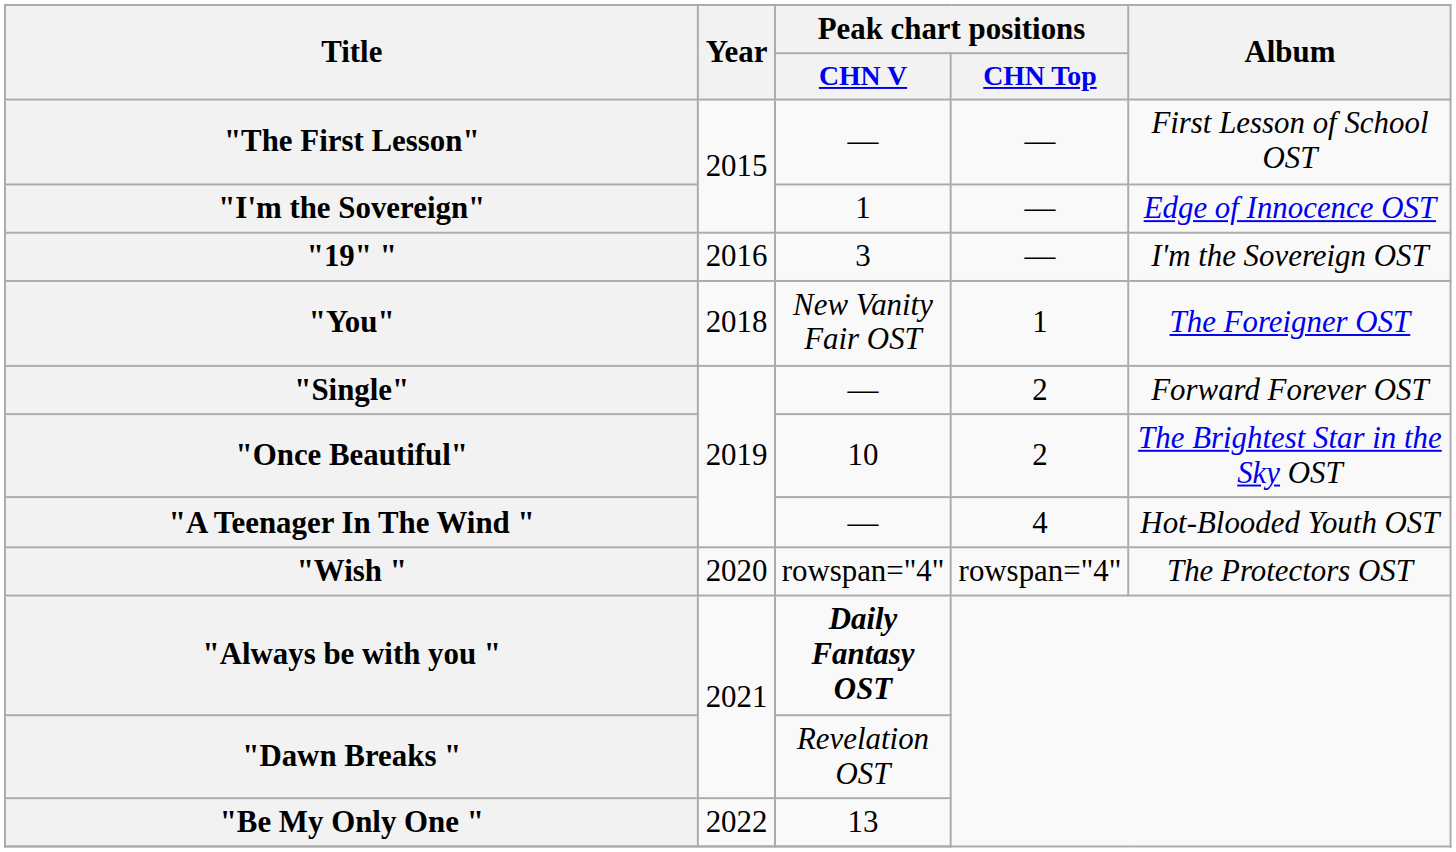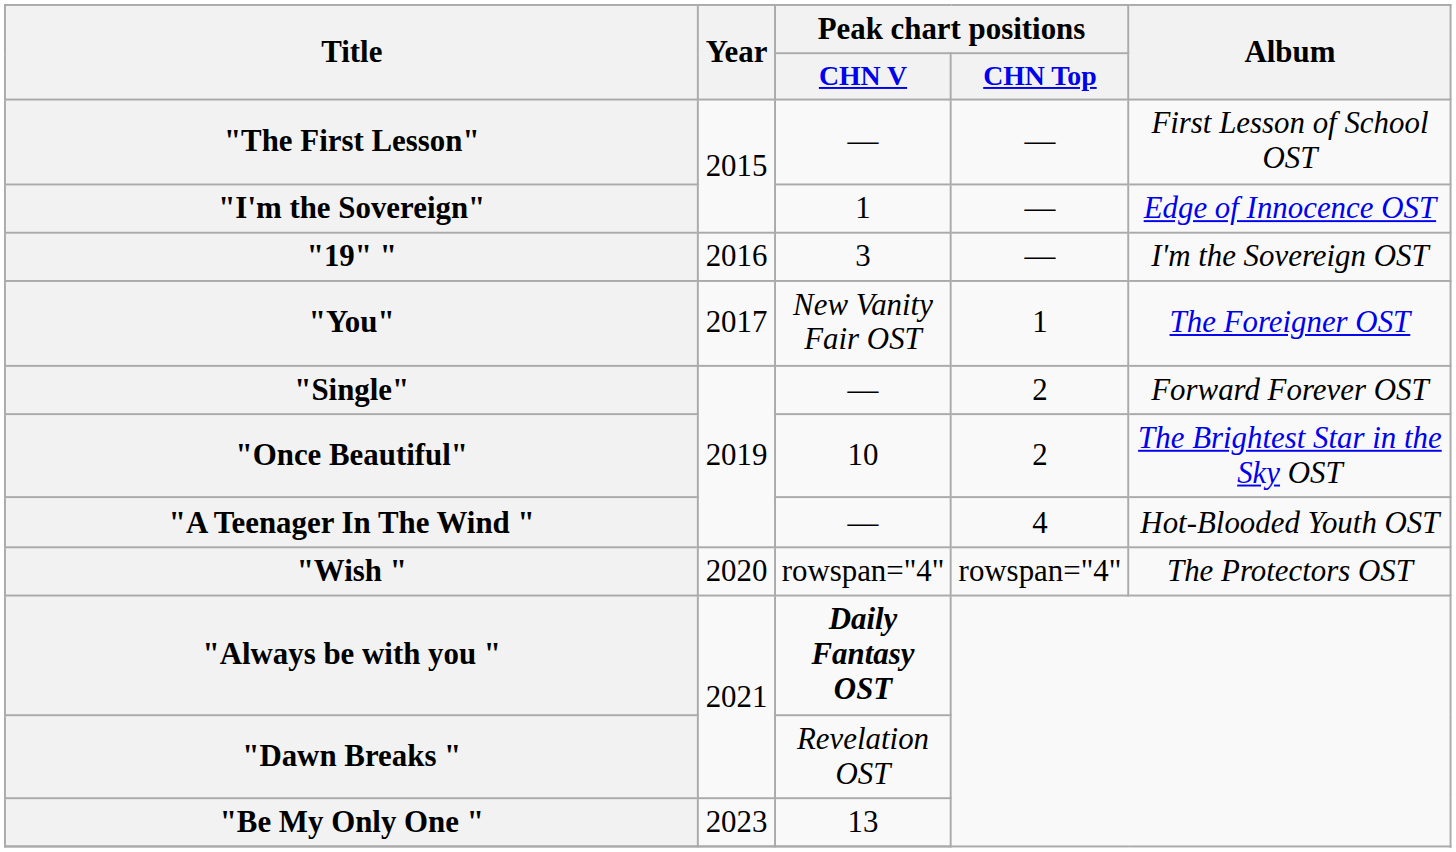 <table class="wikitable plainrowheaders" style="text-align:center;">
 <tr>
 <th rowspan="2" scope="col" style="width:22em;">Title</th>
 <th rowspan="2" scope="col" style="width:1em;">Year</th>
 <th colspan="2">Peak chart positions</th>
 <th rowspan="2" scope="col" style="width:10em;">Album</th>
 </tr>
 <tr>
 <th style="width:3em; font-size:90%"><a href='#'>CHN V</a><br></th>
 <th style="width:3em; font-size:90%"><a href='#'>CHN Top</a><br></th>
 </tr>
 <tr>
 <th scope="row">"The First Lesson" </th>
 <td rowspan="2">2015</td>
 <td>—</td>
 <td>—</td>
 <td><em>First Lesson of School OST</em></td>
 </tr>
 <tr>
 <th scope="row">"I'm the Sovereign" </th>
 <td>1</td>
 <td>—</td>
 <td><em><a href='#'>Edge of Innocence OST</a></em></td>
 </tr>
 <tr>
 <th scope="row">"19" "</th>
 <td>2016</td>
 <td>3</td>
 <td>—</td>
 <td><em>I'm the Sovereign OST</em></td>
 </tr>
 <tr>
 <th scope="row">"You" </th>
-<td>2018</td>
+<td>2017</td>
 <td><em>New Vanity Fair OST</em></td>
 <td>1</td>
 <td><em><a href='#'>The Foreigner OST</a></em></td>
 </tr>
 <tr>
 <th scope="row">"Single" </th>
 <td rowspan="3">2019</td>
 <td>—</td>
 <td>2</td>
 <td><em>Forward Forever OST</em></td>
 </tr>
 <tr>
 <th scope="row">"Once Beautiful" </th>
 <td>10</td>
 <td>2</td>
 <td><em><a href='#'>The Brightest Star in the Sky</a> OST</em></td>
 </tr>
 <tr>
 <th scope="row">"A Teenager In The Wind " <br></th>
 <td>—</td>
 <td>4</td>
 <td><em>Hot-Blooded Youth OST</em></td>
 </tr>
 <tr>
 <th scope=row>"Wish "</th>
 <td>2020</td>
 <td>rowspan="4" </td>
 <td>rowspan="4" </td>
 <td><em>The Protectors OST</em></td>
 </tr>
 <tr>
 <th scope=row>"Always be with you " </th>
 <td rowspan="2">2021</td>
 <td><strong><em>Daily Fantasy OST</em></strong></td>
 </tr>
 <tr>
 <th scope=row>"Dawn Breaks "</th>
 <td><em>Revelation OST</em></td>
 </tr>
 <tr>
 <th scope=row>"Be My Only One " </th>
-<td>2022</td>
+<td>2023</td>
 <td>13</td>
 </tr>
 <tr>
 </tr>
 </table>
